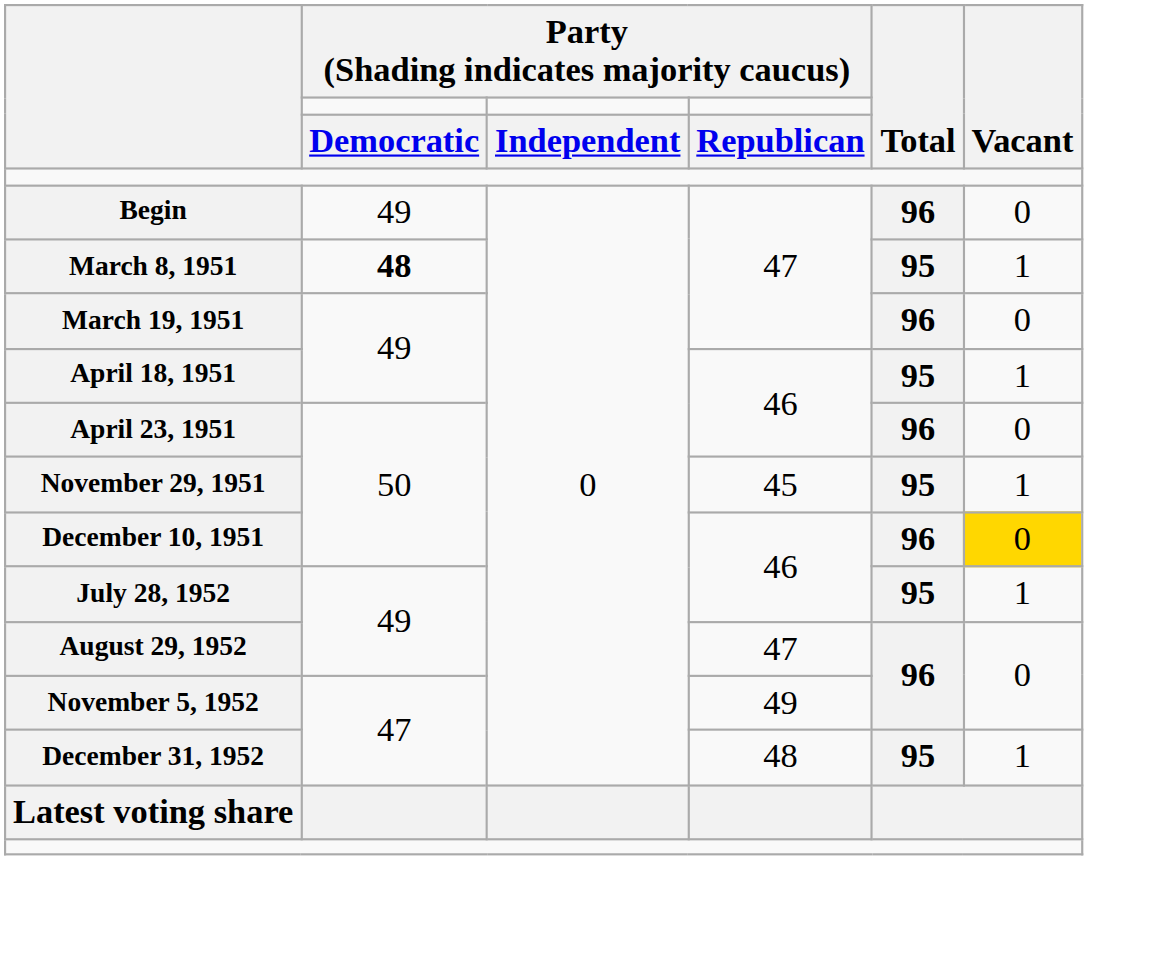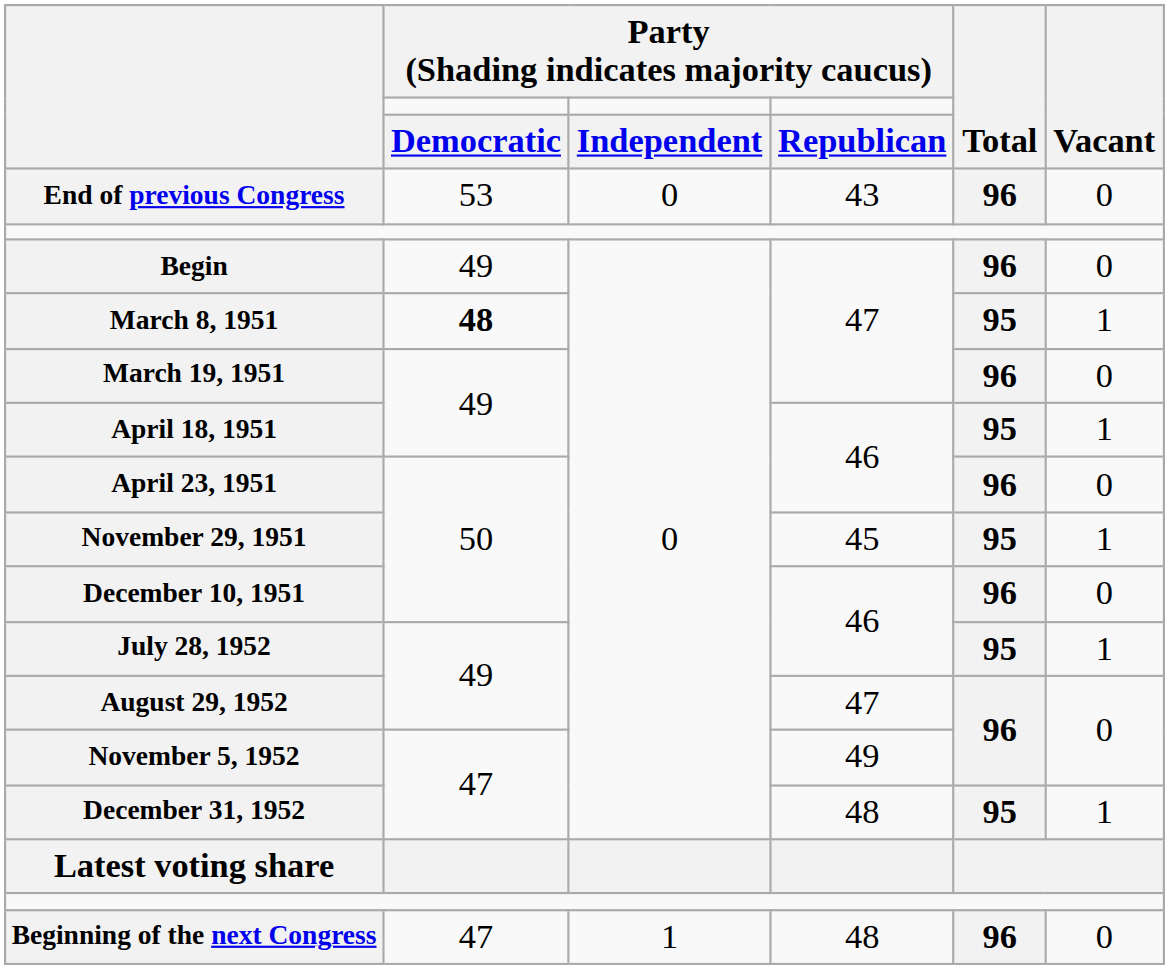 <table class=wikitable style="text-align:center">
 <tr style="vertical-align:bottom;">
 <th rowspan=3></th>
 <th colspan=3>Party <div>(Shading indicates majority caucus)</div></th>
 <th rowspan=3>Total</th>
 <th rowspan=3>Vacant</th>
 </tr>
 <tr style="height:5px">
 <td style="background-color:"></td>
 <td style="background-color:"></td>
 <td style="background-color:"></td>
 </tr>
 <tr>
 <th><a href='#'>Democratic</a></th>
 <th><a href='#'>Independent</a></th>
 <th><a href='#'>Republican</a></th>
+</tr>
+<tr>
+<th nowrap style="font-size:80%">End of <a href='#'>previous Congress</a></th>
+<td>53</td>
+<td>0</td>
+<td>43</td>
+<th>96</th>
+<td>0</td>
 </tr>
 <tr>
 <td colspan=6></td>
 </tr>
 <tr>
 <th style="font-size:80%">Begin</th>
 <td>49</td>
 <td rowspan=11>0</td>
 <td rowspan=3>47</td>
 <th>96</th>
 <td>0</td>
 </tr>
 <tr>
 <th style="font-size:80%">March 8, 1951</th>
 <td><strong>48</strong></td>
 <th>95</th>
 <td>1</td>
 </tr>
 <tr>
 <th style="font-size:80%">March 19, 1951</th>
 <td rowspan=2 >49</td>
 <th>96</th>
 <td>0</td>
 </tr>
 <tr>
 <th style="font-size:80%">April 18, 1951</th>
 <td rowspan=2>46</td>
 <th>95</th>
 <td>1</td>
 </tr>
 <tr>
 <th style="font-size:80%">April 23, 1951</th>
 <td rowspan=3 >50</td>
 <th>96</th>
 <td>0</td>
 </tr>
 <tr>
 <th style="font-size:80%">November 29, 1951</th>
 <td>45</td>
 <th>95</th>
 <td>1</td>
 </tr>
 <tr>
 <th style="font-size:80%">December 10, 1951</th>
 <td rowspan=2>46</td>
 <th>96</th>
-<td style="background: gold;">0</td>
+<td>0</td>
 </tr>
 <tr>
 <th style="font-size:80%">July 28, 1952</th>
 <td rowspan=2 >49</td>
 <th>95</th>
 <td>1</td>
 </tr>
 <tr>
 <th style="font-size:80%">August 29, 1952</th>
 <td>47</td>
 <th rowspan=2>96</th>
 <td rowspan=2>0</td>
 </tr>
 <tr>
 <th style="font-size:80%">November 5, 1952</th>
 <td rowspan=2>47</td>
 <td>49</td>
 </tr>
 <tr>
 <th style="font-size:80%">December 31, 1952</th>
 <td>48</td>
 <th>95</th>
 <td>1</td>
 </tr>
 <tr>
 <th>Latest voting share</th>
 <th></th>
 <th></th>
 <th></th>
 <th colspan=2></th>
 </tr>
 <tr>
 <td colspan=6></td>
 </tr>
+<tr>
+<th style="white-space:nowrap; font-size:80%;">Beginning of the <a href='#'>next Congress</a></th>
+<td>47</td>
+<td>1</td>
+<td>48</td>
+<th>96</th>
+<td>0</td>
+</tr>
 </table>
